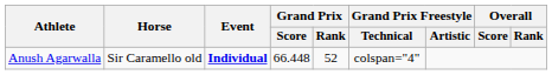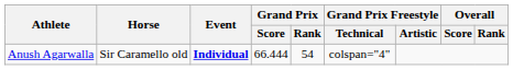 <table class=wikitable style="font-size:90%; text-align:center;">
 <tr>
 <th rowspan=2>Athlete</th>
 <th rowspan=2>Horse</th>
 <th rowspan=2>Event</th>
 <th colspan=2>Grand Prix</th>
 <th colspan=2>Grand Prix Freestyle</th>
 <th colspan=2>Overall</th>
 </tr>
 <tr style=font-size:95%>
 <th>Score</th>
 <th>Rank</th>
 <th>Technical</th>
 <th>Artistic</th>
 <th>Score</th>
 <th>Rank</th>
 </tr>
 <tr>
 <td align=left><a href='#'>Anush Agarwalla</a></td>
 <td align=left>Sir Caramello old</td>
 <td align=left><strong><a href='#'>Individual</a></strong></td>
-<td>66.448</td>
-<td>52</td>
+<td>66.444</td>
+<td>54</td>
 <td>colspan="4" </td>
 </tr>
 </table>
